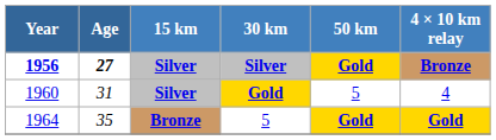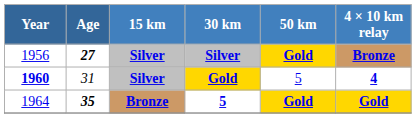 <table class="wikitable" style="font-size:95%; text-align:center; border:grey solid 1px; border-collapse:collapse; background:#ffffff;">
 <tr>
 <th style="background-color:#369; color:white; width:60px;"> Year </th>
 <th style="background-color:#369; color:white; width:40px;"> Age </th>
 <th style="background-color:#4180be; color:white; width:75px;"> 15 km </th>
 <th style="background-color:#4180be; color:white; width:75px;"> 30 km </th>
 <th style="background-color:#4180be; color:white; width:75px;"> 50 km </th>
 <th style="background-color:#4180be; color:white; width:75px;"> 4 × 10 km <br> relay </th>
 </tr>
 <tr>
-<td><strong><a href='#'>1956</a></strong></td>
+<td><a href='#'>1956</a></td>
 <td><strong><em>27</em></strong></td>
 <td style="background:silver;"><a href='#'><strong>Silver</strong></a></td>
 <td style="background:silver;"><a href='#'><strong>Silver</strong></a></td>
 <td style="background:gold;"><a href='#'><strong>Gold</strong></a></td>
 <td bgcolor="cc9966"><a href='#'><strong>Bronze</strong></a></td>
 </tr>
 <tr>
-<td><a href='#'>1960</a></td>
+<td><strong><a href='#'>1960</a></strong></td>
 <td><em>31</em></td>
 <td style="background:silver;"><a href='#'><strong>Silver</strong></a></td>
 <td style="background:gold;"><a href='#'><strong>Gold</strong></a></td>
 <td><a href='#'>5</a></td>
-<td><a href='#'>4</a></td>
+<td><strong><a href='#'>4</a></strong></td>
 </tr>
 <tr>
 <td><a href='#'>1964</a></td>
-<td><em>35</em></td>
+<td><strong><em>35</em></strong></td>
 <td bgcolor="cc9966"><a href='#'><strong>Bronze</strong></a></td>
-<td><a href='#'>5</a></td>
+<td><strong><a href='#'>5</a></strong></td>
 <td style="background:gold;"><a href='#'><strong>Gold</strong></a></td>
 <td style="background:gold;"><a href='#'><strong>Gold</strong></a></td>
 </tr>
 <tr>
 </tr>
 </table>
